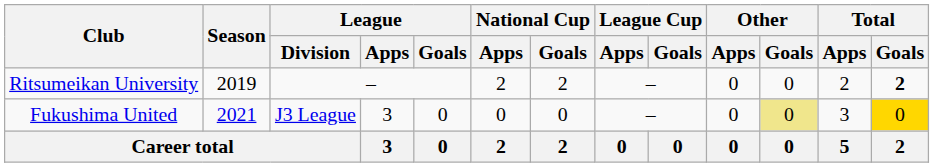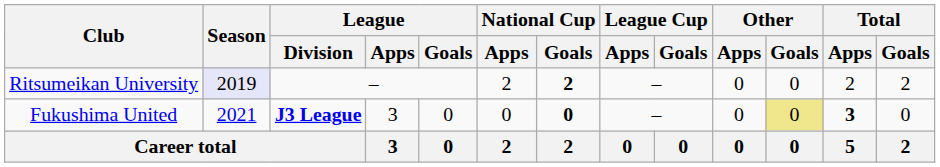 <table class="wikitable" style="text-align: center">
 <tr>
 <th rowspan="2">Club</th>
 <th rowspan="2">Season</th>
 <th colspan="3">League</th>
 <th colspan="2">National Cup</th>
 <th colspan="2">League Cup</th>
 <th colspan="2">Other</th>
 <th colspan="2">Total</th>
 </tr>
 <tr>
 <th>Division</th>
 <th>Apps</th>
 <th>Goals</th>
 <th>Apps</th>
 <th>Goals</th>
 <th>Apps</th>
 <th>Goals</th>
 <th>Apps</th>
 <th>Goals</th>
 <th>Apps</th>
 <th>Goals</th>
 </tr>
 <tr>
 <td><a href='#'>Ritsumeikan University</a></td>
-<td>2019</td>
+<td style="background: lavender;">2019</td>
 <td colspan="3">–</td>
 <td>2</td>
-<td>2</td>
+<td><strong>2</strong></td>
 <td colspan="2">–</td>
 <td>0</td>
 <td>0</td>
 <td>2</td>
-<td><strong>2</strong></td>
+<td>2</td>
 </tr>
 <tr>
 <td><a href='#'>Fukushima United</a></td>
 <td><a href='#'>2021</a></td>
-<td><a href='#'>J3 League</a></td>
+<td><strong><a href='#'>J3 League</a></strong></td>
 <td>3</td>
 <td>0</td>
 <td>0</td>
-<td>0</td>
+<td><strong>0</strong></td>
 <td colspan="2">–</td>
 <td>0</td>
 <td style="background: khaki;">0</td>
-<td>3</td>
-<td style="background: gold;">0</td>
+<td><strong>3</strong></td>
+<td>0</td>
 </tr>
 <tr>
 <th colspan=3>Career total</th>
 <th>3</th>
 <th>0</th>
 <th>2</th>
 <th>2</th>
 <th>0</th>
 <th>0</th>
 <th>0</th>
 <th>0</th>
 <th>5</th>
 <th>2</th>
 </tr>
 </table>
